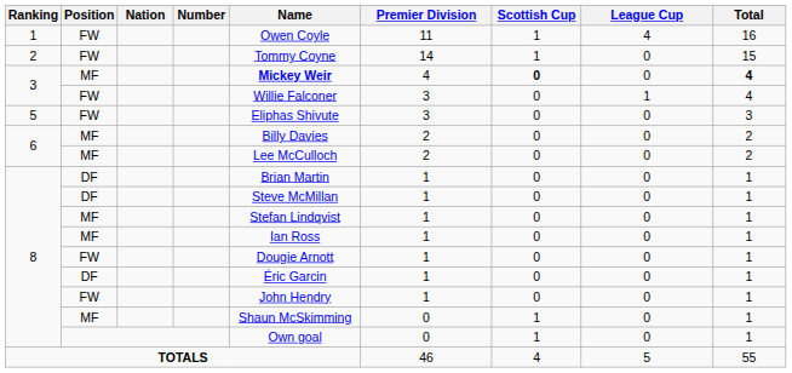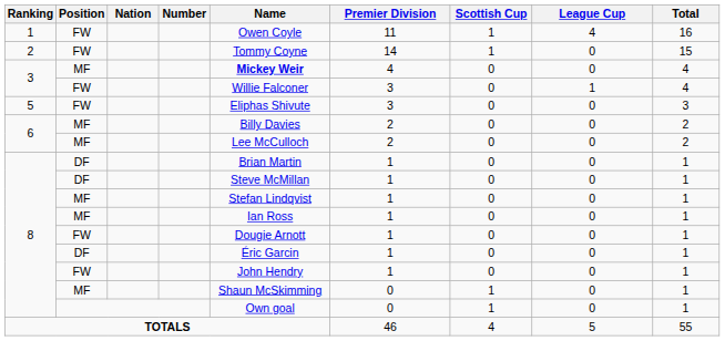 <table class="wikitable" style="font-size: 95%; text-align: center;">
 <tr>
 <th width=60>Ranking</th>
 <th width=60>Position</th>
 <th width=60>Nation</th>
 <th width=60>Number</th>
 <th width=150>Name</th>
 <th width=150><a href='#'>Premier Division</a></th>
 <th width=100><a href='#'>Scottish Cup</a></th>
 <th width=150><a href='#'>League Cup</a></th>
 <th width=80>Total</th>
 </tr>
 <tr>
 <td>1</td>
 <td>FW</td>
 <td></td>
 <td></td>
 <td><a href='#'>Owen Coyle</a></td>
 <td>11</td>
 <td>1</td>
 <td>4</td>
 <td>16</td>
 </tr>
 <tr>
 <td>2</td>
 <td>FW</td>
 <td></td>
 <td></td>
 <td><a href='#'>Tommy Coyne</a></td>
 <td>14</td>
 <td>1</td>
 <td>0</td>
 <td>15</td>
 </tr>
 <tr>
 <td rowspan="2">3</td>
 <td>MF</td>
 <td></td>
 <td></td>
 <td><strong><a href='#'>Mickey Weir</a></strong></td>
 <td>4</td>
-<td><strong>0</strong></td>
 <td>0</td>
-<td><strong>4</strong></td>
+<td>0</td>
+<td>4</td>
 </tr>
 <tr>
 <td>FW</td>
 <td></td>
 <td></td>
 <td><a href='#'>Willie Falconer</a></td>
 <td>3</td>
 <td>0</td>
 <td>1</td>
 <td>4</td>
 </tr>
 <tr>
 <td>5</td>
 <td>FW</td>
 <td></td>
 <td></td>
 <td><a href='#'>Eliphas Shivute</a></td>
 <td>3</td>
 <td>0</td>
 <td>0</td>
 <td>3</td>
 </tr>
 <tr>
 <td rowspan="2">6</td>
 <td>MF</td>
 <td></td>
 <td></td>
 <td><a href='#'>Billy Davies</a></td>
 <td>2</td>
 <td>0</td>
 <td>0</td>
 <td>2</td>
 </tr>
 <tr>
 <td>MF</td>
 <td></td>
 <td></td>
 <td><a href='#'>Lee McCulloch</a></td>
 <td>2</td>
 <td>0</td>
 <td>0</td>
 <td>2</td>
 </tr>
 <tr>
 <td rowspan="9">8</td>
 <td>DF</td>
 <td></td>
 <td></td>
 <td><a href='#'>Brian Martin</a></td>
 <td>1</td>
 <td>0</td>
 <td>0</td>
 <td>1</td>
 </tr>
 <tr>
 <td>DF</td>
 <td></td>
 <td></td>
 <td><a href='#'>Steve McMillan</a></td>
 <td>1</td>
 <td>0</td>
 <td>0</td>
 <td>1</td>
 </tr>
 <tr>
 <td>MF</td>
 <td></td>
 <td></td>
 <td><a href='#'>Stefan Lindqvist</a></td>
 <td>1</td>
 <td>0</td>
 <td>0</td>
 <td>1</td>
 </tr>
 <tr>
 <td>MF</td>
 <td></td>
 <td></td>
 <td><a href='#'>Ian Ross</a></td>
 <td>1</td>
 <td>0</td>
 <td>0</td>
 <td>1</td>
 </tr>
 <tr>
 <td>FW</td>
 <td></td>
 <td></td>
 <td><a href='#'>Dougie Arnott</a></td>
 <td>1</td>
 <td>0</td>
 <td>0</td>
 <td>1</td>
 </tr>
 <tr>
 <td>DF</td>
 <td></td>
 <td></td>
 <td><a href='#'>Éric Garcin</a></td>
 <td>1</td>
 <td>0</td>
 <td>0</td>
 <td>1</td>
 </tr>
 <tr>
 <td>FW</td>
 <td></td>
 <td></td>
 <td><a href='#'>John Hendry</a></td>
 <td>1</td>
 <td>0</td>
 <td>0</td>
 <td>1</td>
 </tr>
 <tr>
 <td>MF</td>
 <td></td>
 <td></td>
 <td><a href='#'>Shaun McSkimming</a></td>
 <td>0</td>
 <td>1</td>
 <td>0</td>
 <td>1</td>
 </tr>
 <tr>
 <td colspan="3"></td>
 <td><a href='#'>Own goal</a></td>
 <td>0</td>
 <td>1</td>
 <td>0</td>
 <td>1</td>
 </tr>
 <tr>
 <td colspan="5"><strong>TOTALS</strong></td>
 <td>46</td>
 <td>4</td>
 <td>5</td>
 <td>55</td>
 </tr>
 </table>
